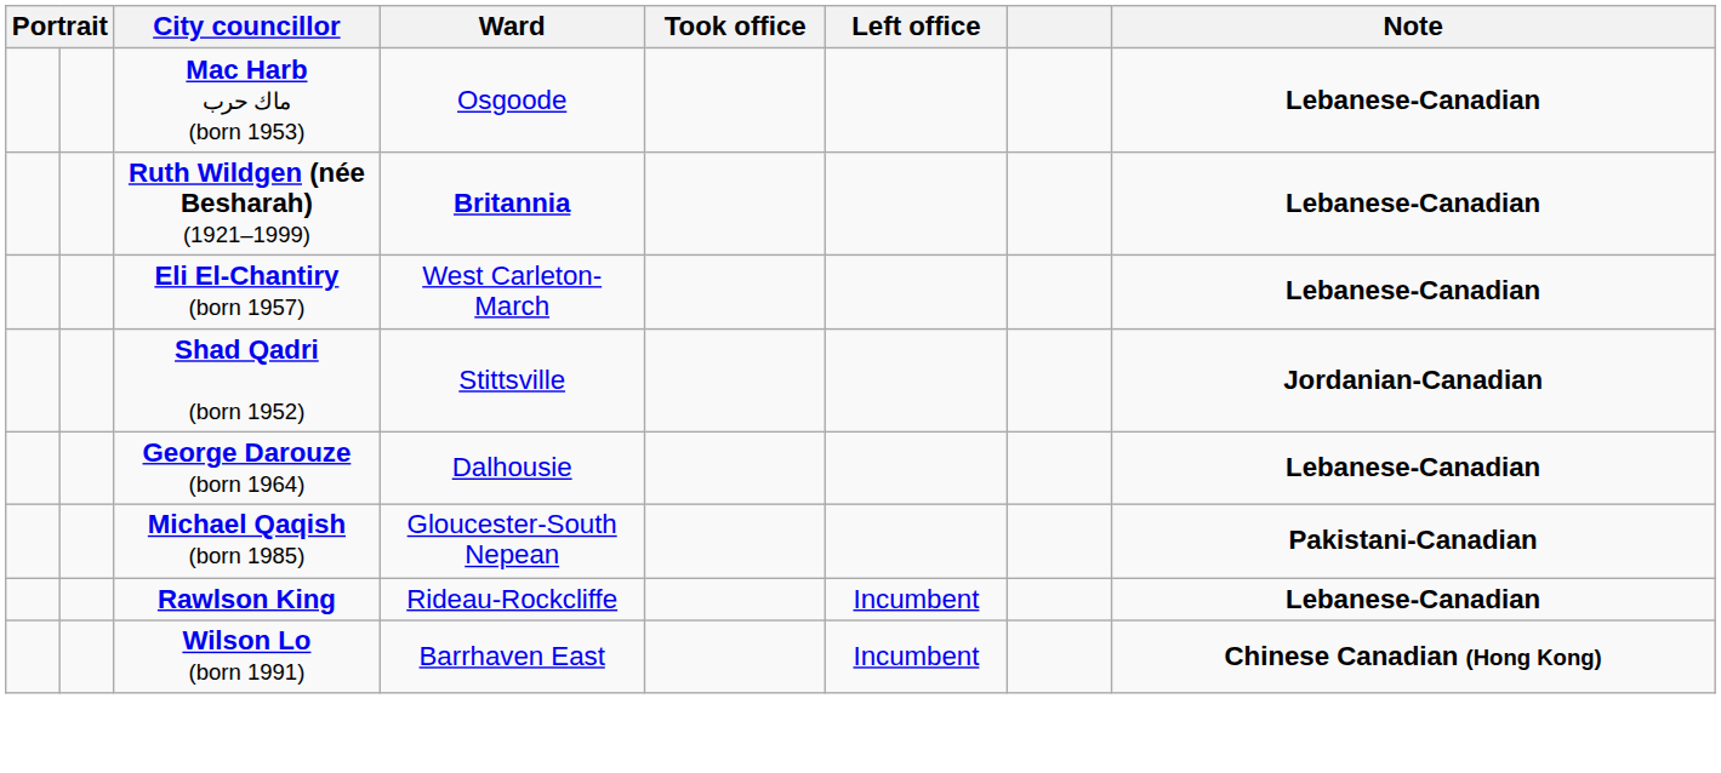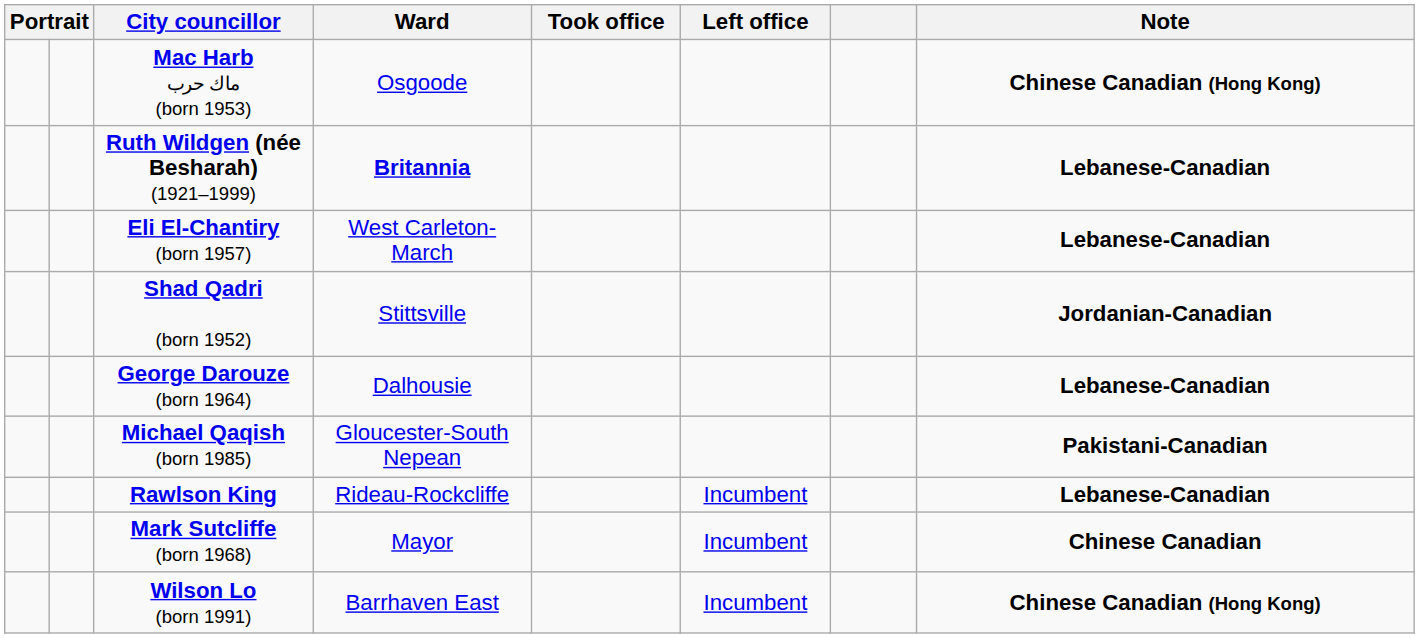 <table class="wikitable sortable plainrowheaders" style="text-align: center;">
 <tr>
 <th colspan="2" class=unsortable>Portrait</th>
 <th colspan="1" class=unsortable width=150px><a href='#'>City councillor</a></th>
 <th scope="col" width=150px>Ward</th>
 <th scope="col" width=100px>Took office</th>
 <th scope="col" width=100px>Left office</th>
 <th scope="col" class=unsortable width=55px></th>
 <th scope="col" class=unsortable width=350px>Note</th>
 </tr>
 <tr>
 <td rowspan="1" style="background:"></td>
 <td rowspan="1"></td>
 <td rowspan="1"><strong><a href='#'>Mac Harb</a></strong><br><small>ماك حرب</small><br><small>(born 1953)</small></td>
 <td rowspan="1"><a href='#'>Osgoode</a></td>
 <td rowspan="1"></td>
 <td rowspan="1"></td>
 <td rowspan="1"></td>
-<td rowspan="1"><strong>Lebanese-Canadian</strong></td>
+<td rowspan="1"><strong>Chinese Canadian <small>(Hong Kong)</small></strong></td>
 </tr>
 <tr>
 <td rowspan="1" style="background:"></td>
 <td rowspan="1"></td>
 <td rowspan="1"><strong><a href='#'>Ruth Wildgen</a> (née Besharah)</strong><br><small>(1921–1999)</small></td>
 <td rowspan="1"><strong><a href='#'>Britannia</a></strong></td>
 <td rowspan="1"></td>
 <td rowspan="1"></td>
 <td rowspan="1"></td>
 <td rowspan="1"><strong>Lebanese-Canadian</strong></td>
 </tr>
 <tr>
 <td rowspan="1" style="background:"></td>
 <td rowspan="1"></td>
 <td rowspan="1"><strong><a href='#'>Eli El-Chantiry</a></strong><br><small>(born 1957)</small></td>
 <td rowspan="1"><a href='#'>West Carleton-March</a></td>
 <td rowspan="1"></td>
 <td rowspan="1"></td>
 <td rowspan="1"></td>
 <td rowspan="1"><strong>Lebanese-Canadian</strong></td>
 </tr>
 <tr>
 <td rowspan="1" style="background:"></td>
 <td rowspan="1"></td>
 <td rowspan="1"><strong><a href='#'>Shad Qadri</a></strong><br><small></small><br><small>(born 1952)</small></td>
 <td rowspan="1"><a href='#'>Stittsville</a></td>
 <td rowspan="1"></td>
 <td rowspan="1"></td>
 <td rowspan="1"></td>
 <td rowspan="1"><strong>Jordanian-Canadian</strong></td>
 </tr>
 <tr>
 <td rowspan="1" style="background:"></td>
 <td rowspan="1"></td>
 <td rowspan="1"><strong><a href='#'>George Darouze</a></strong><br><small>(born 1964)</small></td>
 <td rowspan="1"><a href='#'>Dalhousie</a></td>
 <td rowspan="1"></td>
 <td rowspan="1"></td>
 <td rowspan="1"></td>
 <td rowspan="1"><strong>Lebanese-Canadian</strong></td>
 </tr>
 <tr>
 <td rowspan="1" style="background:"></td>
 <td rowspan="1"></td>
 <td rowspan="1"><strong><a href='#'>Michael Qaqish</a></strong><br><small>(born 1985)</small></td>
 <td rowspan="1"><a href='#'>Gloucester-South Nepean</a></td>
 <td rowspan="1"></td>
 <td rowspan="1"></td>
 <td rowspan="1"></td>
 <td rowspan="1"><strong>Pakistani-Canadian</strong></td>
 </tr>
 <tr>
 <td rowspan="1" style="background:"></td>
 <td rowspan="1"></td>
 <td rowspan="1"><strong><a href='#'>Rawlson King</a></strong></td>
 <td rowspan="1"><a href='#'>Rideau-Rockcliffe</a></td>
 <td rowspan="1"></td>
 <td rowspan="1"><a href='#'>Incumbent</a></td>
 <td rowspan="1"></td>
 <td rowspan="1"><strong>Lebanese-Canadian</strong></td>
 </tr>
 <tr>
 <td rowspan="1" style="background:"></td>
 <td rowspan="1"></td>
+<td rowspan="1"><strong><a href='#'>Mark Sutcliffe</a></strong><br><small>(born 1968)</small></td>
+<td rowspan="1"><a href='#'>Mayor</a></td>
+<td rowspan="1"></td>
+<td rowspan="1"><a href='#'>Incumbent</a></td>
+<td rowspan="1"></td>
+<td rowspan="1"><strong>Chinese Canadian</strong></td>
+</tr>
+<tr>
+<td rowspan="1" style="background:"></td>
+<td rowspan="1"></td>
 <td rowspan="1"><strong><a href='#'>Wilson Lo</a></strong><br><small>(born 1991)</small></td>
 <td rowspan="1"><a href='#'>Barrhaven East</a></td>
 <td rowspan="1"></td>
 <td rowspan="1"><a href='#'>Incumbent</a></td>
 <td rowspan="1"></td>
 <td rowspan="1"><strong>Chinese Canadian <small>(Hong Kong)</small></strong></td>
 </tr>
 </table>
